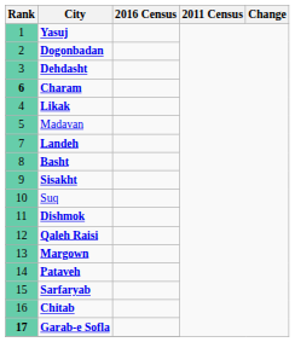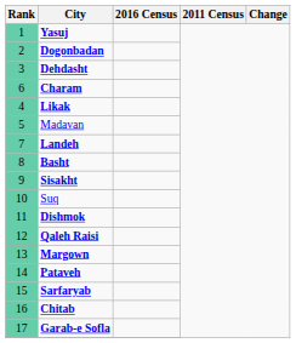 <table class="wikitable sortable">
 <tr>
 <th>Rank</th>
 <th>City</th>
 <th>2016 Census</th>
 <th>2011 Census</th>
 <th>Change</th>
 </tr>
 <tr>
 <td align=center bgcolor="66CDAA">1</td>
 <td><strong><a href='#'>Yasuj</a></strong></td>
 <td></td>
 </tr>
 <tr>
 <td align=center bgcolor="66CDAA">2</td>
 <td><strong><a href='#'>Dogonbadan</a></strong></td>
 <td></td>
 </tr>
 <tr>
 <td align=center bgcolor="66CDAA">3</td>
 <td><strong><a href='#'>Dehdasht</a></strong></td>
 <td></td>
 </tr>
 <tr>
-<td align=center bgcolor="66CDAA"><strong>6</strong></td>
+<td align=center bgcolor="66CDAA">6</td>
 <td><strong><a href='#'>Charam</a></strong></td>
 <td></td>
 </tr>
 <tr>
 <td align=center bgcolor="66CDAA">4</td>
 <td><strong><a href='#'>Likak</a></strong></td>
 <td></td>
 </tr>
 <tr>
 <td align=center bgcolor="66CDAA">5</td>
 <td><a href='#'>Madavan</a></td>
 <td></td>
 </tr>
 <tr>
 <td align=center bgcolor="66CDAA">7</td>
 <td><strong><a href='#'>Landeh</a></strong></td>
 <td></td>
 </tr>
 <tr>
 <td align=center bgcolor="66CDAA">8</td>
 <td><strong><a href='#'>Basht</a></strong></td>
 <td></td>
 </tr>
 <tr>
 <td align=center bgcolor="66CDAA">9</td>
 <td><strong><a href='#'>Sisakht</a></strong></td>
 <td></td>
 </tr>
 <tr>
 <td align=center bgcolor="66CDAA">10</td>
 <td><a href='#'>Suq</a></td>
 <td></td>
 </tr>
 <tr>
 <td align=center bgcolor="66CDAA">11</td>
 <td><strong><a href='#'>Dishmok</a></strong></td>
 <td></td>
 </tr>
 <tr>
 <td align=center bgcolor="66CDAA">12</td>
 <td><strong><a href='#'>Qaleh Raisi</a></strong></td>
 <td></td>
 </tr>
 <tr>
 <td align=center bgcolor="66CDAA">13</td>
 <td><strong><a href='#'>Margown</a></strong></td>
 <td></td>
 </tr>
 <tr>
 <td align=center bgcolor="66CDAA">14</td>
 <td><strong><a href='#'>Pataveh</a></strong></td>
 <td></td>
 </tr>
 <tr>
 <td align=center bgcolor="66CDAA">15</td>
 <td><strong><a href='#'>Sarfaryab</a></strong></td>
 <td></td>
 </tr>
 <tr>
 <td align=center bgcolor="66CDAA">16</td>
 <td><strong><a href='#'>Chitab</a></strong></td>
 <td></td>
 </tr>
 <tr>
-<td align=center bgcolor="66CDAA"><strong>17</strong></td>
+<td align=center bgcolor="66CDAA">17</td>
 <td><strong><a href='#'>Garab-e Sofla</a></strong></td>
 <td></td>
 </tr>
 <tr>
 </tr>
 </table>
